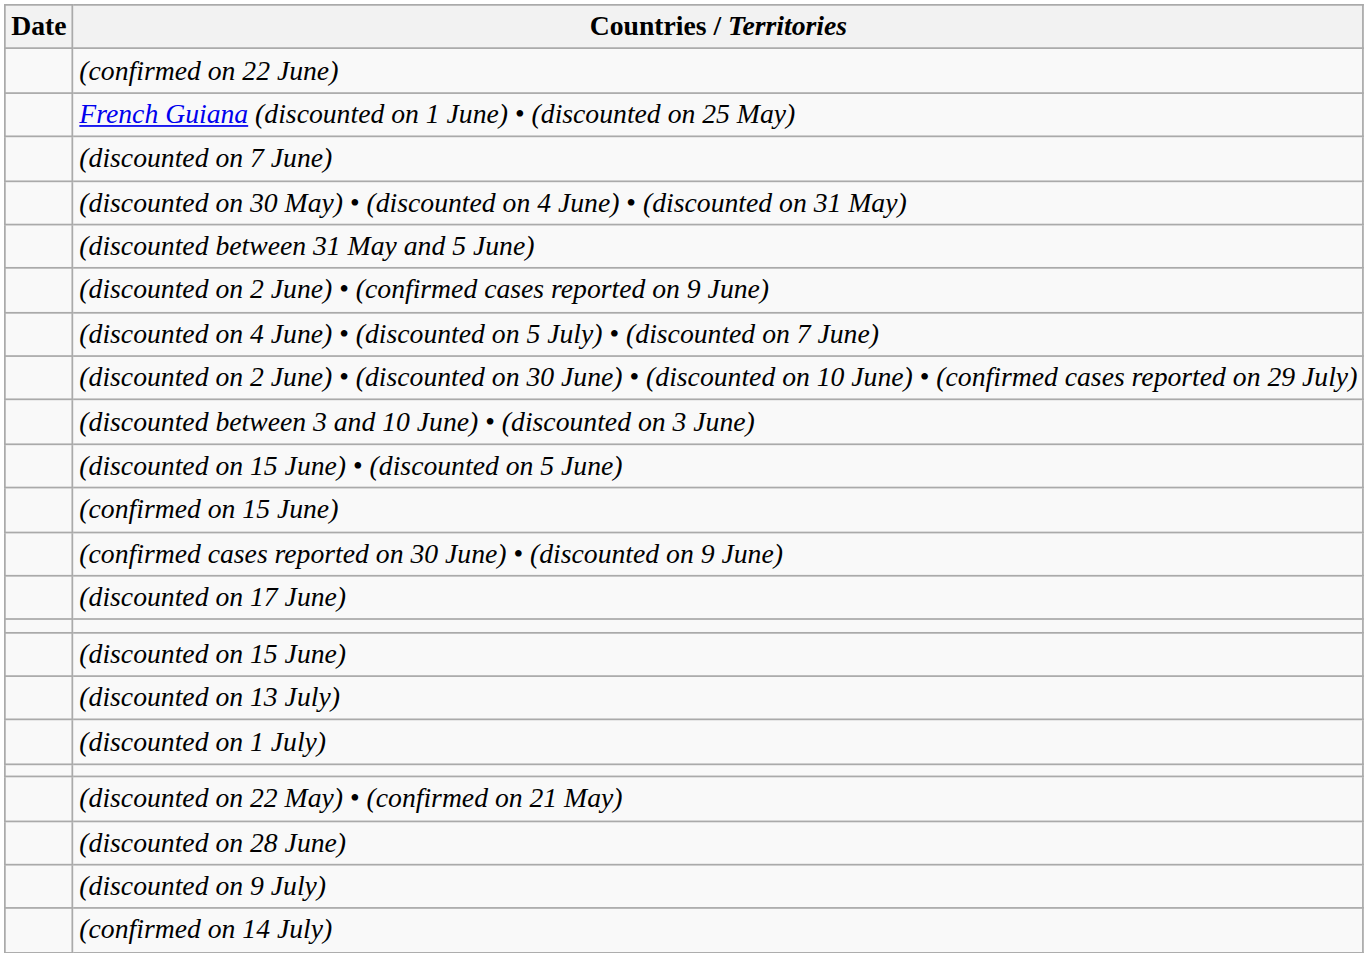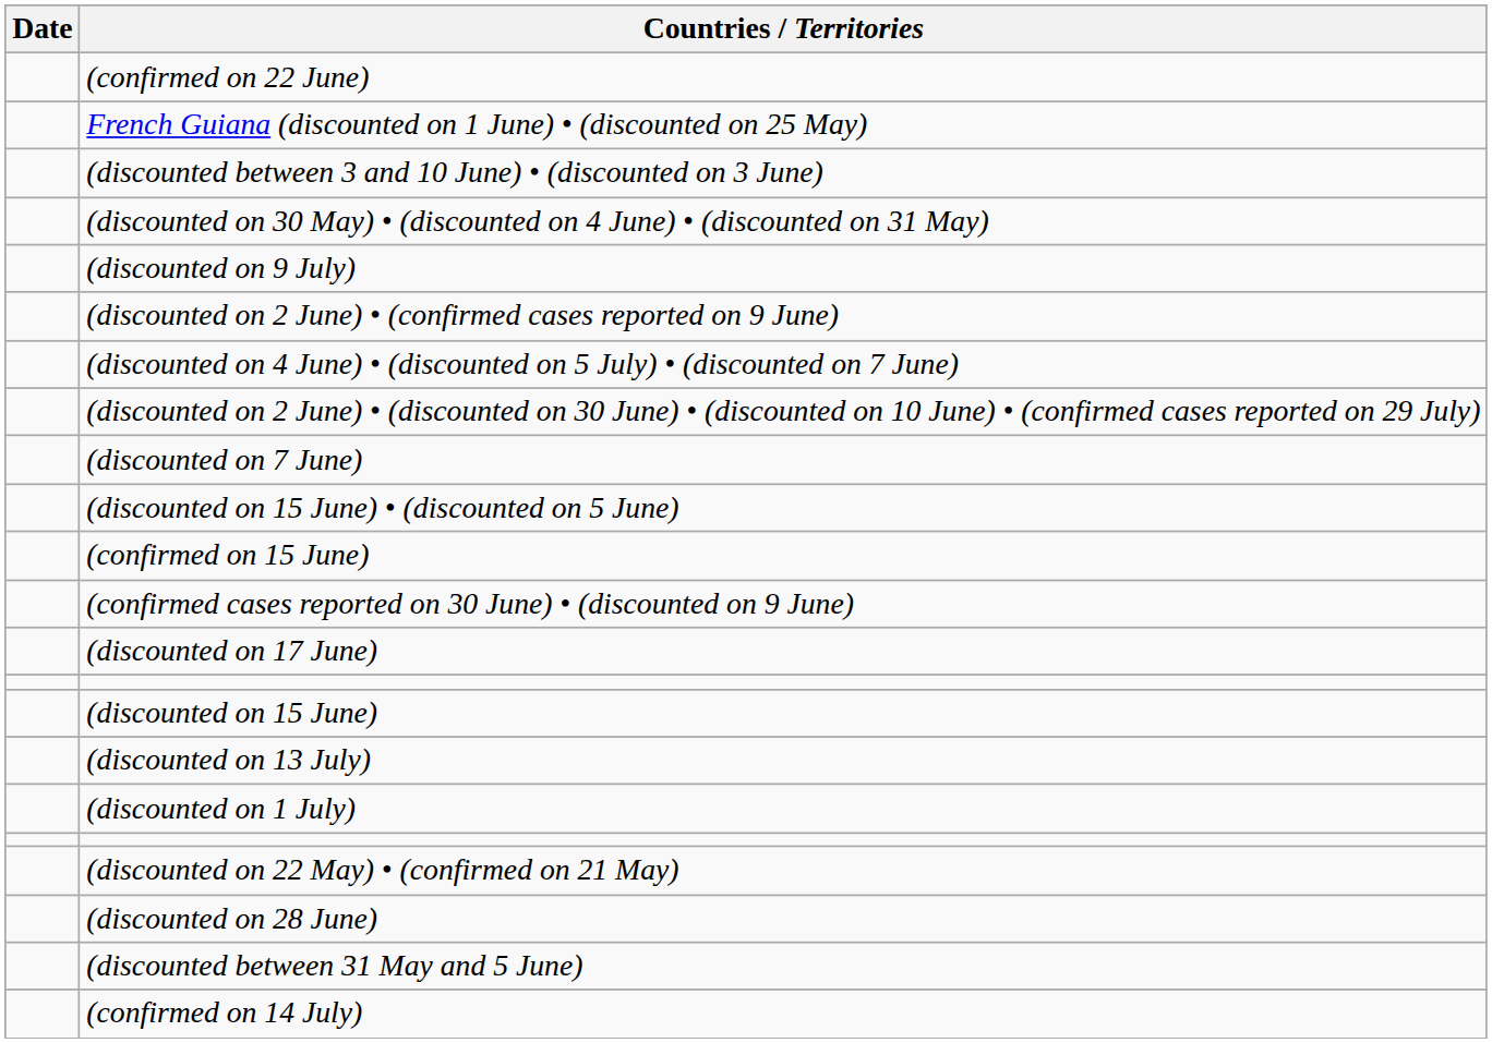 <table class="wikitable mw-datatable">
 <tr>
 <th scope="col">Date</th>
 <th scope="col">Countries / <em>Territories</em></th>
 </tr>
 <tr>
 <td></td>
 <td> <em>(confirmed on 22 June)</em></td>
 </tr>
 <tr>
 <td></td>
 <td> <em><a href='#'>French Guiana</a></em> <em>(discounted on 1 June)</em> •  <em>(discounted on 25 May)</em></td>
 </tr>
 <tr>
 <td></td>
-<td> <em>(discounted on 7 June)</em></td>
+<td> <em>(discounted between 3 and 10 June)</em> •  <em>(discounted on 3 June)</em></td>
 </tr>
 <tr>
 <td></td>
 <td> <em>(discounted on 30 May)</em> •  <em>(discounted on 4 June)</em> •  <em>(discounted on 31 May)</em></td>
 </tr>
 <tr>
 <td></td>
-<td> <em>(discounted between 31 May and 5 June)</em></td>
+<td> <em>(discounted on 9 July)</em></td>
 </tr>
 <tr>
 <td></td>
 <td> <em>(discounted on 2 June)</em> •  <em>(confirmed cases reported on 9 June)</em></td>
 </tr>
 <tr>
 <td></td>
 <td> <em>(discounted on 4 June)</em> •  <em>(discounted on 5 July)</em> •  <em>(discounted on 7 June)</em></td>
 </tr>
 <tr>
 <td></td>
 <td> <em>(discounted on 2 June)</em> • <em></em> <em>(discounted on 30 June)</em> •  <em>(discounted on 10 June)</em> •  <em>(confirmed cases reported on 29 July)</em></td>
 </tr>
 <tr>
 <td></td>
-<td> <em>(discounted between 3 and 10 June)</em> •  <em>(discounted on 3 June)</em></td>
+<td> <em>(discounted on 7 June)</em></td>
 </tr>
 <tr>
 <td></td>
 <td> <em>(discounted on 15 June)</em> •  <em>(discounted on 5 June)</em></td>
 </tr>
 <tr>
 <td></td>
 <td> <em>(confirmed on 15 June)</em></td>
 </tr>
 <tr>
 <td></td>
 <td> <em>(confirmed cases reported on 30 June)</em> •  <em>(discounted on 9 June)</em></td>
 </tr>
 <tr>
 <td></td>
 <td> <em>(discounted on 17 June)</em></td>
 </tr>
 <tr>
 <td></td>
 <td></td>
 </tr>
 <tr>
 <td></td>
 <td> <em>(discounted on 15 June)</em></td>
 </tr>
 <tr>
 <td></td>
 <td> <em>(discounted on 13 July)</em></td>
 </tr>
 <tr>
 <td></td>
 <td> <em>(discounted on 1 July)</em></td>
 </tr>
 <tr>
 <td></td>
 <td></td>
 </tr>
 <tr>
 <td></td>
 <td> <em>(discounted on 22 May)</em> •  <em>(confirmed on 21 May)</em></td>
 </tr>
 <tr>
 <td></td>
 <td> <em>(discounted on 28 June)</em></td>
 </tr>
 <tr>
 <td></td>
-<td> <em>(discounted on 9 July)</em></td>
+<td> <em>(discounted between 31 May and 5 June)</em></td>
 </tr>
 <tr>
 <td></td>
 <td> <em>(confirmed on 14 July)</em></td>
 </tr>
 </table>
